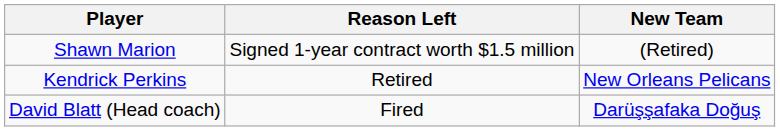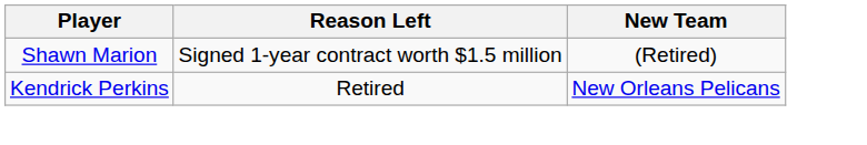 <table class="wikitable sortable sortable">
 <tr>
 <th>Player</th>
 <th>Reason Left</th>
 <th>New Team</th>
 </tr>
 <tr style="text-align: center">
 <td><a href='#'>Shawn Marion</a></td>
 <td>Signed 1-year contract worth $1.5 million</td>
 <td> (Retired)</td>
 </tr>
 <tr style="text-align: center">
 <td><a href='#'>Kendrick Perkins</a></td>
 <td>Retired</td>
 <td><a href='#'>New Orleans Pelicans</a></td>
 </tr>
-<tr style="text-align: center">
-<td><a href='#'>David Blatt</a> (Head coach)</td>
-<td>Fired</td>
-<td><a href='#'>Darüşşafaka Doğuş</a></td>
-</tr>
 </table>
